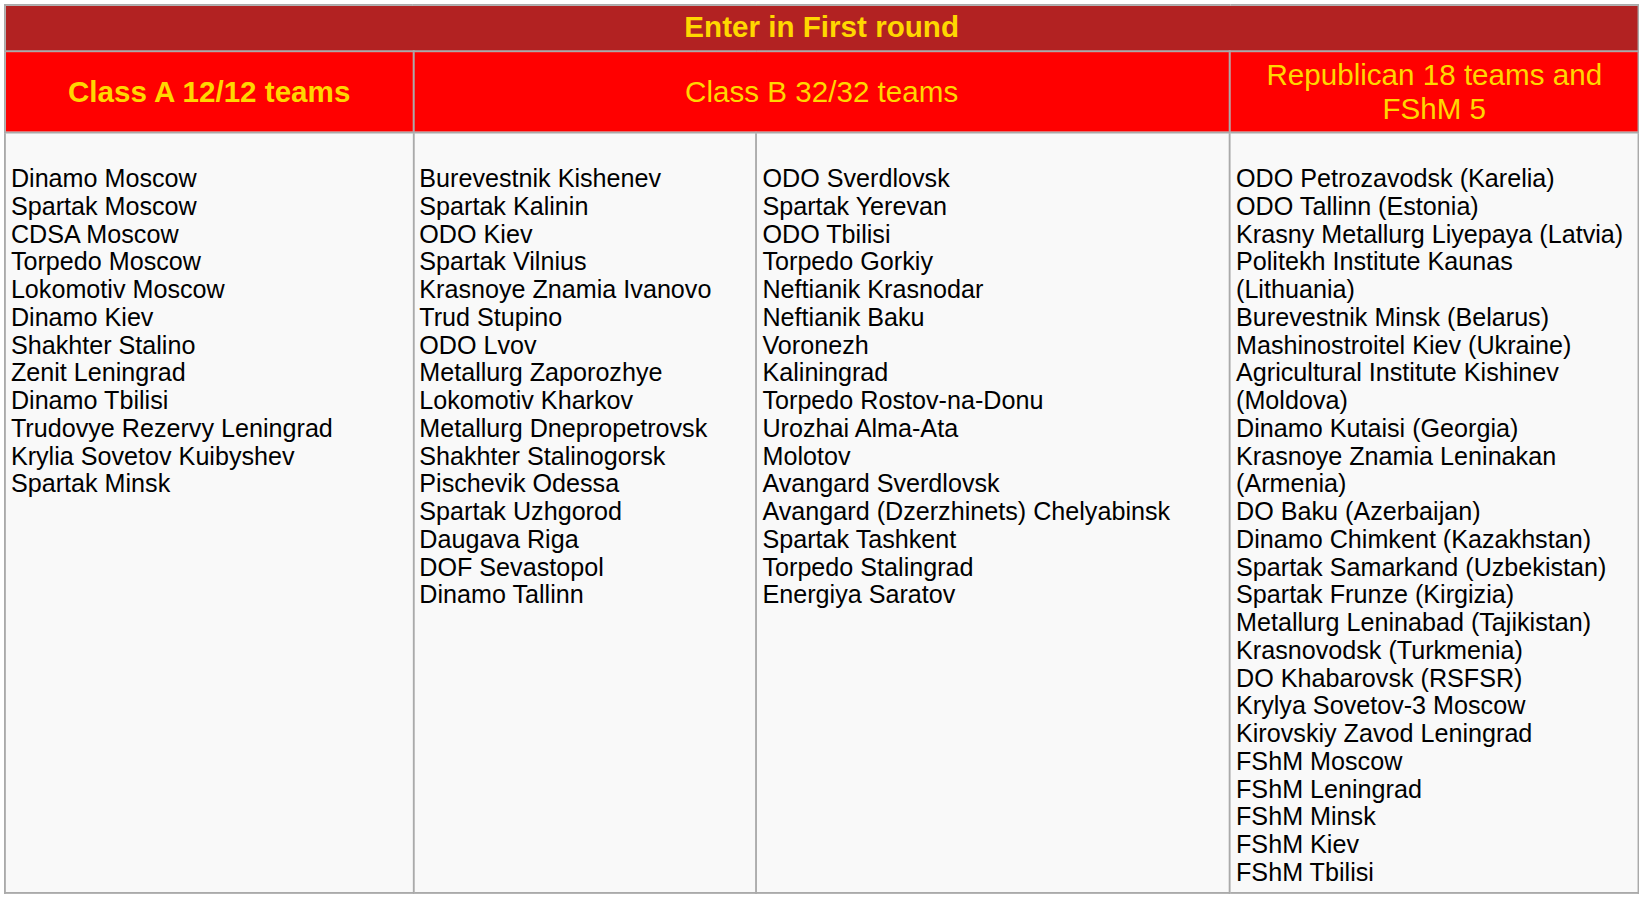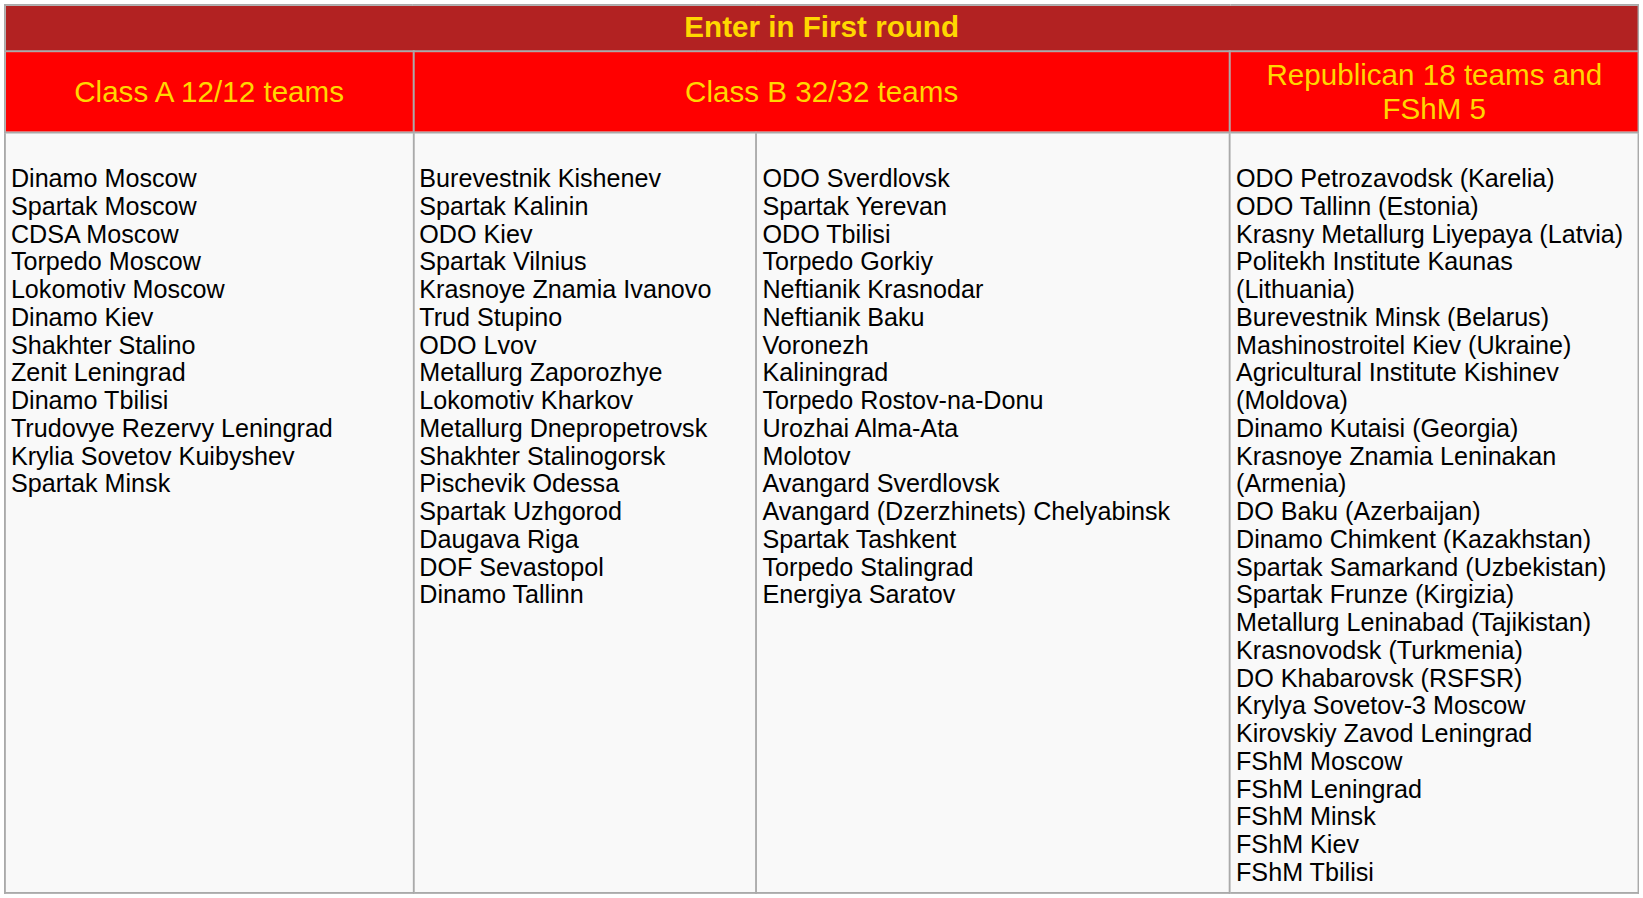 <table class="wikitable" style="width:100%;">
 <tr style="background:Firebrick; text-align:center;">
 <td style="width:100%; color:Gold" colspan="4"><strong>Enter in First round</strong></td>
 </tr>
 <tr style="background:Red;">
-<td style="text-align:center; width:25%; color:Gold" colspan=1><strong>Class A 12/12 teams</strong></td>
+<td style="text-align:center; width:25%; color:Gold" colspan=1>Class A 12/12 teams</td>
 <td style="text-align:center; width:50%; color:Gold" colspan=2>Class B 32/32 teams</td>
 <td style="text-align:center; width:25%; color:Gold" colspan=1>Republican 18 teams and FShM 5</td>
 </tr>
 <tr style="vertical-align:top; font-size:85%;">
 <td rowspan=3><br> Dinamo Moscow<br>  Spartak Moscow<br>  CDSA Moscow<br>  Torpedo Moscow<br>  Lokomotiv Moscow<br>  Dinamo Kiev<br>  Shakhter Stalino<br>  Zenit Leningrad<br>  Dinamo Tbilisi<br>  Trudovye Rezervy Leningrad<br>  Krylia Sovetov Kuibyshev<br>  Spartak Minsk<br></td>
 <td><br> Burevestnik Kishenev<br>  Spartak Kalinin<br>  ODO Kiev<br>  Spartak Vilnius<br>  Krasnoye Znamia Ivanovo<br>  Trud Stupino<br>  ODO Lvov<br>  Metallurg Zaporozhye<br>  Lokomotiv Kharkov<br>  Metallurg Dnepropetrovsk<br>  Shakhter Stalinogorsk<br>  Pischevik Odessa<br>  Spartak Uzhgorod<br>  Daugava Riga<br>  DOF Sevastopol<br>  Dinamo Tallinn<br></td>
 <td><br> ODO Sverdlovsk<br>  Spartak Yerevan<br>  ODO Tbilisi<br>  Torpedo Gorkiy<br>  Neftianik Krasnodar<br>  Neftianik Baku<br>  Voronezh<br>  Kaliningrad<br>  Torpedo Rostov-na-Donu<br>  Urozhai Alma-Ata<br>  Molotov<br>  Avangard Sverdlovsk<br>  Avangard (Dzerzhinets) Chelyabinsk<br>  Spartak Tashkent<br>  Torpedo Stalingrad<br>  Energiya Saratov<br></td>
 <td><br> ODO Petrozavodsk (Karelia)<br>  ODO Tallinn (Estonia)<br>  Krasny Metallurg Liyepaya (Latvia)<br>  Politekh Institute Kaunas (Lithuania)<br>  Burevestnik Minsk (Belarus)<br>  Mashinostroitel Kiev (Ukraine)<br>  Agricultural Institute Kishinev (Moldova)<br>  Dinamo Kutaisi (Georgia)<br>  Krasnoye Znamia Leninakan (Armenia)<br>  DO Baku (Azerbaijan)<br>  Dinamo Chimkent (Kazakhstan)<br>  Spartak Samarkand (Uzbekistan)<br>  Spartak Frunze (Kirgizia)<br>  Metallurg Leninabad (Tajikistan)<br>  Krasnovodsk (Turkmenia)<br>  DO Khabarovsk (RSFSR)<br>  Krylya Sovetov-3 Moscow<br>  Kirovskiy Zavod Leningrad<br>  FShM Moscow<br>  FShM Leningrad<br>  FShM Minsk<br>  FShM Kiev<br>  FShM Tbilisi<br></td>
 </tr>
 </table>
